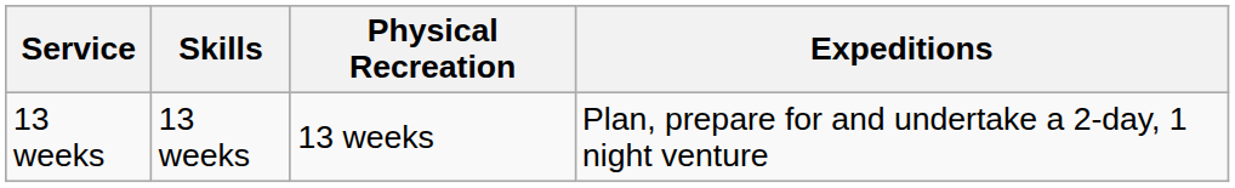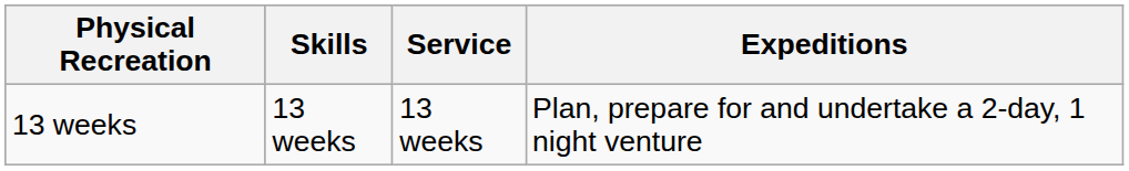 <table class="wikitable">
 <tr>
+<th>Physical Recreation</th>
+<th>Skills</th>
 <th>Service</th>
-<th>Skills</th>
-<th>Physical Recreation</th>
 <th>Expeditions</th>
 </tr>
 <tr>
 <td>13 weeks</td>
 <td>13 weeks</td>
 <td>13 weeks</td>
 <td>Plan, prepare for and undertake a 2-day, 1 night venture</td>
 </tr>
 </table>
